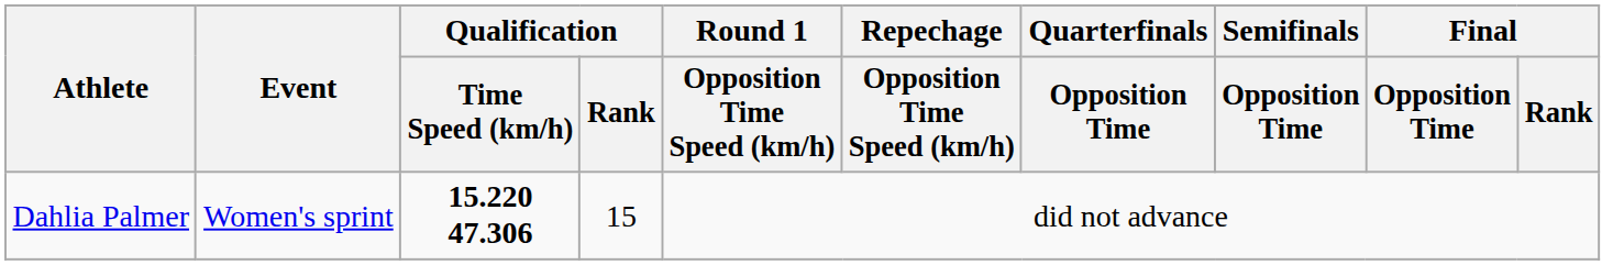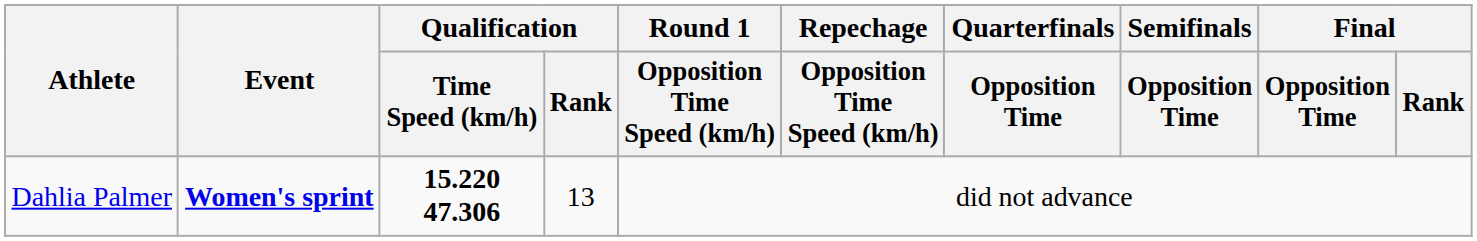 <table class="wikitable" style="font-size:90%;">
 <tr>
 <th rowspan=2>Athlete</th>
 <th rowspan=2>Event</th>
 <th colspan=2>Qualification</th>
 <th>Round 1</th>
 <th>Repechage</th>
 <th>Quarterfinals</th>
 <th>Semifinals</th>
 <th colspan=2>Final</th>
 </tr>
 <tr style="font-size:95%">
 <th>Time<br>Speed (km/h)</th>
 <th>Rank</th>
 <th>Opposition<br>Time<br>Speed (km/h)</th>
 <th>Opposition<br>Time<br>Speed (km/h)</th>
 <th>Opposition<br>Time</th>
 <th>Opposition<br>Time</th>
 <th>Opposition<br>Time</th>
 <th>Rank</th>
 </tr>
 <tr align=center>
 <td align=left><a href='#'>Dahlia Palmer</a></td>
-<td align=left><a href='#'>Women's sprint</a></td>
+<td align=left><strong><a href='#'>Women's sprint</a></strong></td>
 <td><strong>15.220<br>47.306</strong></td>
-<td>15</td>
+<td>13</td>
 <td colspan=6>did not advance</td>
 </tr>
 </table>
